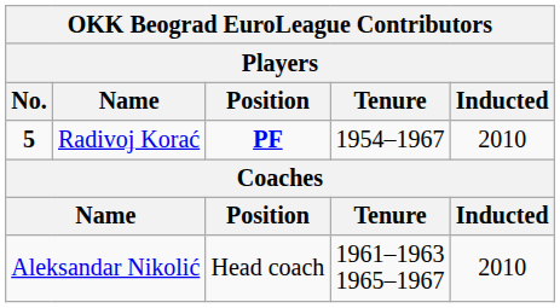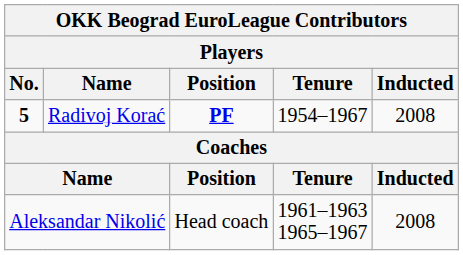 <table class="wikitable" style="text-align:center">
 <tr>
 <th colspan="5">OKK Beograd EuroLeague Contributors</th>
 </tr>
 <tr>
 <th colspan="5">Players</th>
 </tr>
 <tr>
 <th>No.</th>
 <th>Name</th>
 <th>Position</th>
 <th>Tenure</th>
 <th>Inducted</th>
 </tr>
 <tr>
 <td><strong>5</strong></td>
 <td><a href='#'>Radivoj Korać</a></td>
 <td><strong><a href='#'>PF</a></strong></td>
 <td>1954–1967</td>
-<td>2010</td>
+<td>2008</td>
 </tr>
 <tr>
 <th colspan="5">Coaches</th>
 </tr>
 <tr>
 <th colspan=2>Name</th>
 <th>Position</th>
 <th>Tenure</th>
 <th>Inducted</th>
 </tr>
 <tr>
 <td colspan=2><a href='#'>Aleksandar Nikolić</a></td>
 <td>Head coach</td>
 <td>1961–1963<br>1965–1967</td>
-<td>2010</td>
+<td>2008</td>
 </tr>
 </table>
